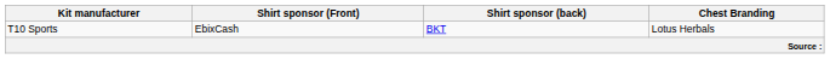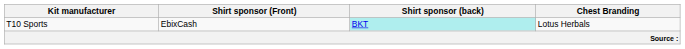 <table class="wikitable"  style="font-size:85%; width:55%;">
 <tr>
 <th>Kit manufacturer</th>
 <th>Shirt sponsor (Front)</th>
 <th>Shirt sponsor (back)</th>
 <th>Chest Branding</th>
 </tr>
 <tr>
 <td>T10 Sports</td>
 <td>EbixCash</td>
-<td><a href='#'>BKT</a></td>
+<td style="background: paleturquoise;"><a href='#'>BKT</a></td>
 <td>Lotus Herbals</td>
 </tr>
 <tr>
 <th colspan="4" style="text-align:right;"><small> Source : </small></th>
 </tr>
 </table>
